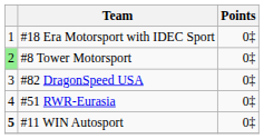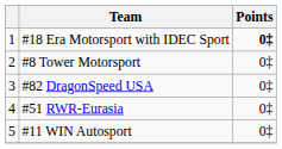 <table class="wikitable" style="font-size: 95%;">
 <tr>
 <th scope="col"></th>
 <th scope="col">Team</th>
 <th scope="col">Points</th>
 </tr>
 <tr>
 <td align=center>1</td>
 <td> #18 Era Motorsport with IDEC Sport</td>
-<td align=right>0‡</td>
+<td align=right><strong>0‡</strong></td>
 </tr>
 <tr>
-<td align=center style="background: lightgreen;">2</td>
+<td align=center>2</td>
 <td> #8 Tower Motorsport</td>
 <td align=right>0‡</td>
 </tr>
 <tr>
 <td align=center>3</td>
 <td> #82 <a href='#'>DragonSpeed USA</a></td>
 <td align=right>0‡</td>
 </tr>
 <tr>
 <td align=center>4</td>
 <td> #51 <a href='#'>RWR-Eurasia</a></td>
 <td align=right>0‡</td>
 </tr>
 <tr>
-<td align=center><strong>5</strong></td>
+<td align=center>5</td>
 <td> #11 WIN Autosport</td>
 <td align=right>0‡</td>
 </tr>
 <tr>
 </tr>
 </table>
